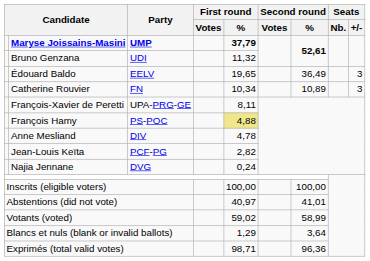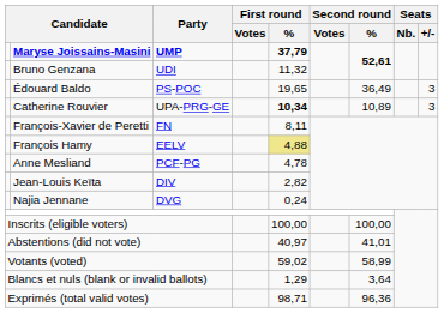 <table class="wikitable centre">
 <tr>
 <th scope="col" rowspan=2 colspan=2>Candidate</th>
 <th scope="col" rowspan=2 colspan=1>Party</th>
 <th scope="col" colspan=2>First round</th>
 <th scope="col" colspan=2>Second round</th>
 <th scope="col" colspan=2>Seats</th>
 </tr>
 <tr>
 <th scope="col">Votes</th>
 <th scope="col">%</th>
 <th scope="col">Votes</th>
 <th scope="col">%</th>
 <th scope="col">Nb.</th>
 <th scope="col">+/-</th>
 </tr>
 <tr>
 <td style="color:inherit;background:"></td>
 <td><strong><a href='#'>Maryse Joissains-Masini</a></strong></td>
 <td><strong><a href='#'>UMP</a></strong></td>
 <td style="text-align: right"><strong></strong></td>
 <td style="text-align: right"><strong>37,79</strong></td>
 <td style="text-align: right" rowspan=2><strong></strong></td>
 <td style="text-align: right" rowspan=2><strong>52,61</strong></td>
 <td style="text-align: right" rowspan=2><strong></strong></td>
 <td style="text-align: right" rowspan=2><strong></strong></td>
 </tr>
 <tr>
 <td style="color:inherit;background:"></td>
 <td>Bruno Genzana</td>
 <td><a href='#'>UDI</a></td>
 <td style="text-align: right"></td>
 <td style="text-align: right">11,32</td>
 </tr>
 <tr>
 <td style="color:inherit;background:"></td>
 <td>Édouard Baldo</td>
-<td><a href='#'>EELV</a></td>
+<td><a href='#'>PS</a>-<a href='#'>POC</a></td>
 <td style="text-align: right"></td>
 <td style="text-align: right">19,65</td>
 <td style="text-align: right"></td>
 <td style="text-align: right">36,49</td>
 <td style="text-align: right"></td>
 <td style="text-align: right"> 3</td>
 </tr>
 <tr>
 <td style="color:inherit;background:"></td>
 <td>Catherine Rouvier</td>
-<td><a href='#'>FN</a></td>
+<td>UPA-<a href='#'>PRG</a>-<a href='#'>GE</a></td>
 <td style="text-align: right"></td>
-<td style="text-align: right">10,34</td>
+<td style="text-align: right"><strong>10,34</strong></td>
 <td style="text-align: right"></td>
 <td style="text-align: right">10,89</td>
 <td style="text-align: right"></td>
 <td style="text-align: right"> 3</td>
 </tr>
 <tr>
 <td style="color:inherit;background:"></td>
 <td>François-Xavier de Peretti</td>
-<td>UPA-<a href='#'>PRG</a>-<a href='#'>GE</a></td>
+<td><a href='#'>FN</a></td>
 <td style="text-align: right"></td>
 <td style="text-align: right">8,11</td>
 <td colspan=9 rowspan=5></td>
 </tr>
 <tr>
 <td style="color:inherit;background:"></td>
 <td>François Hamy</td>
-<td><a href='#'>PS</a>-<a href='#'>POC</a></td>
+<td><a href='#'>EELV</a></td>
 <td style="text-align: right"></td>
 <td style="background: khaki; text-align: right">4,88</td>
 </tr>
 <tr>
 <td style="color:inherit;background:"></td>
 <td>Anne Mesliand</td>
-<td><a href='#'>DIV</a></td>
+<td><a href='#'>PCF</a>-<a href='#'>PG</a></td>
 <td style="text-align: right"></td>
 <td style="text-align: right">4,78</td>
 </tr>
 <tr>
 <td style="color:inherit;background:"></td>
 <td>Jean-Louis Keïta</td>
-<td><a href='#'>PCF</a>-<a href='#'>PG</a></td>
+<td><a href='#'>DIV</a></td>
 <td style="text-align: right"></td>
 <td style="text-align: right">2,82</td>
 </tr>
 <tr>
 <td style="color:inherit;background:"></td>
 <td>Najia Jennane</td>
 <td><a href='#'>DVG</a></td>
 <td style="text-align: right"></td>
 <td style="text-align: right">0,24</td>
 </tr>
 <tr bgcolor=white>
 <td colspan=7></td>
 </tr>
 <tr>
 <td colspan=3>Inscrits (eligible voters)</td>
 <td style="text-align: right"></td>
 <td style="text-align: right">100,00</td>
 <td style="text-align: right"></td>
 <td style="text-align: right">100,00</td>
 </tr>
 <tr>
 <td colspan=3>Abstentions (did not vote)</td>
 <td style="text-align: right"></td>
 <td style="text-align: right">40,97</td>
 <td style="text-align: right"></td>
 <td style="text-align: right">41,01</td>
 </tr>
 <tr>
 <td colspan=3>Votants (voted)</td>
 <td style="text-align: right"></td>
 <td style="text-align: right">59,02</td>
 <td style="text-align: right"></td>
 <td style="text-align: right">58,99</td>
 </tr>
 <tr>
 <td colspan=3>Blancs et nuls (blank or invalid ballots)</td>
 <td style="text-align: right"></td>
 <td style="text-align: right">1,29</td>
 <td style="text-align: right"></td>
 <td style="text-align: right">3,64</td>
 </tr>
 <tr>
 <td colspan=3>Exprimés (total valid votes)</td>
 <td style="text-align: right"></td>
 <td style="text-align: right">98,71</td>
 <td style="text-align: right"></td>
 <td style="text-align: right">96,36</td>
 </tr>
 </table>
